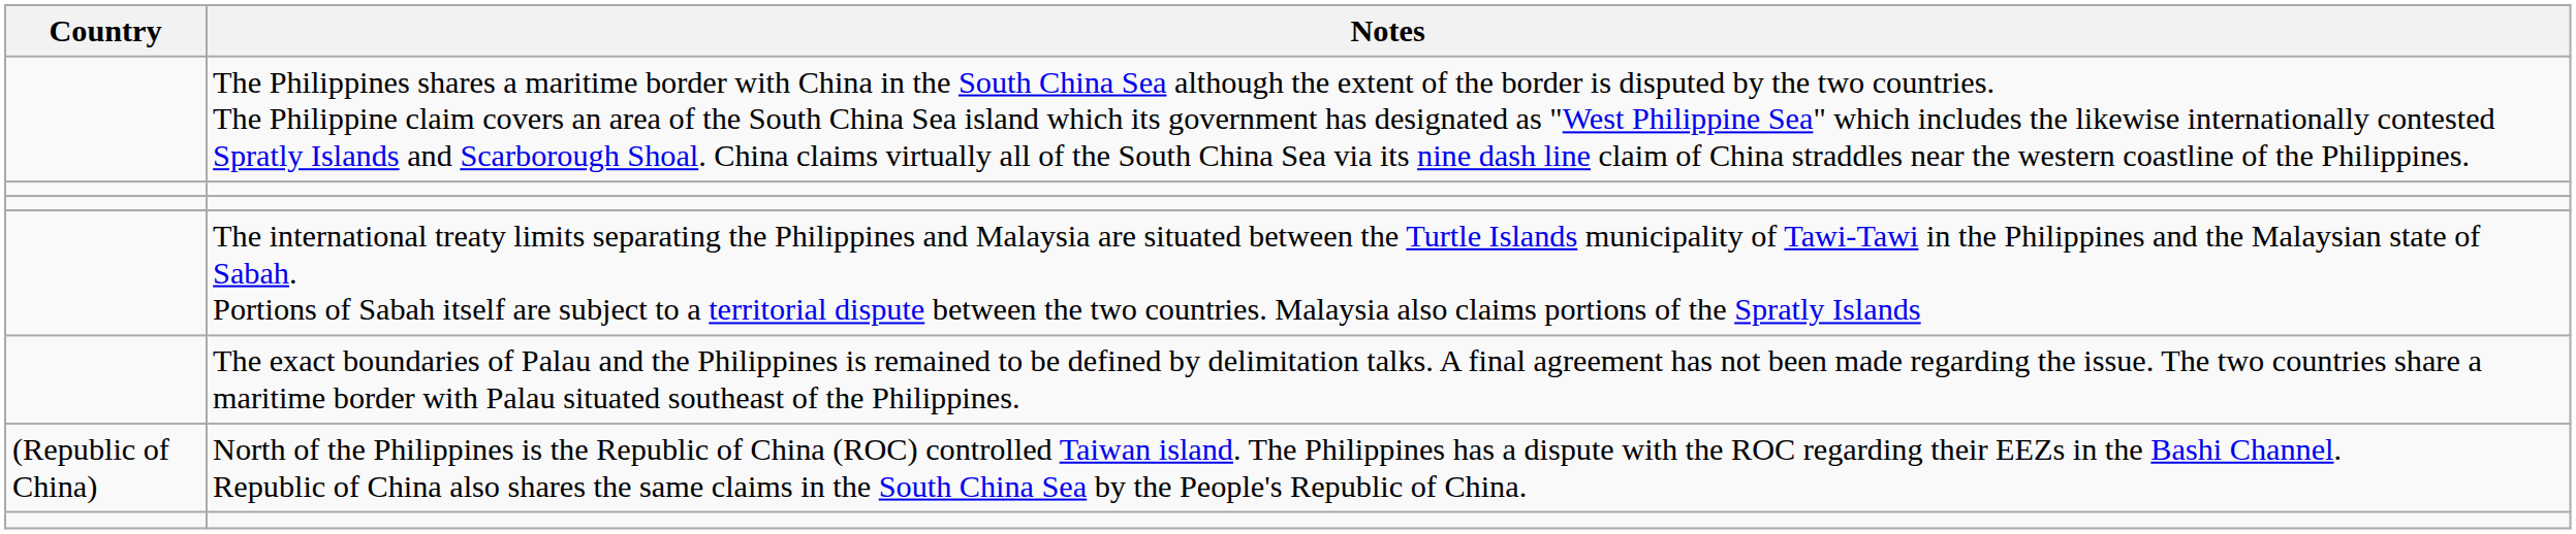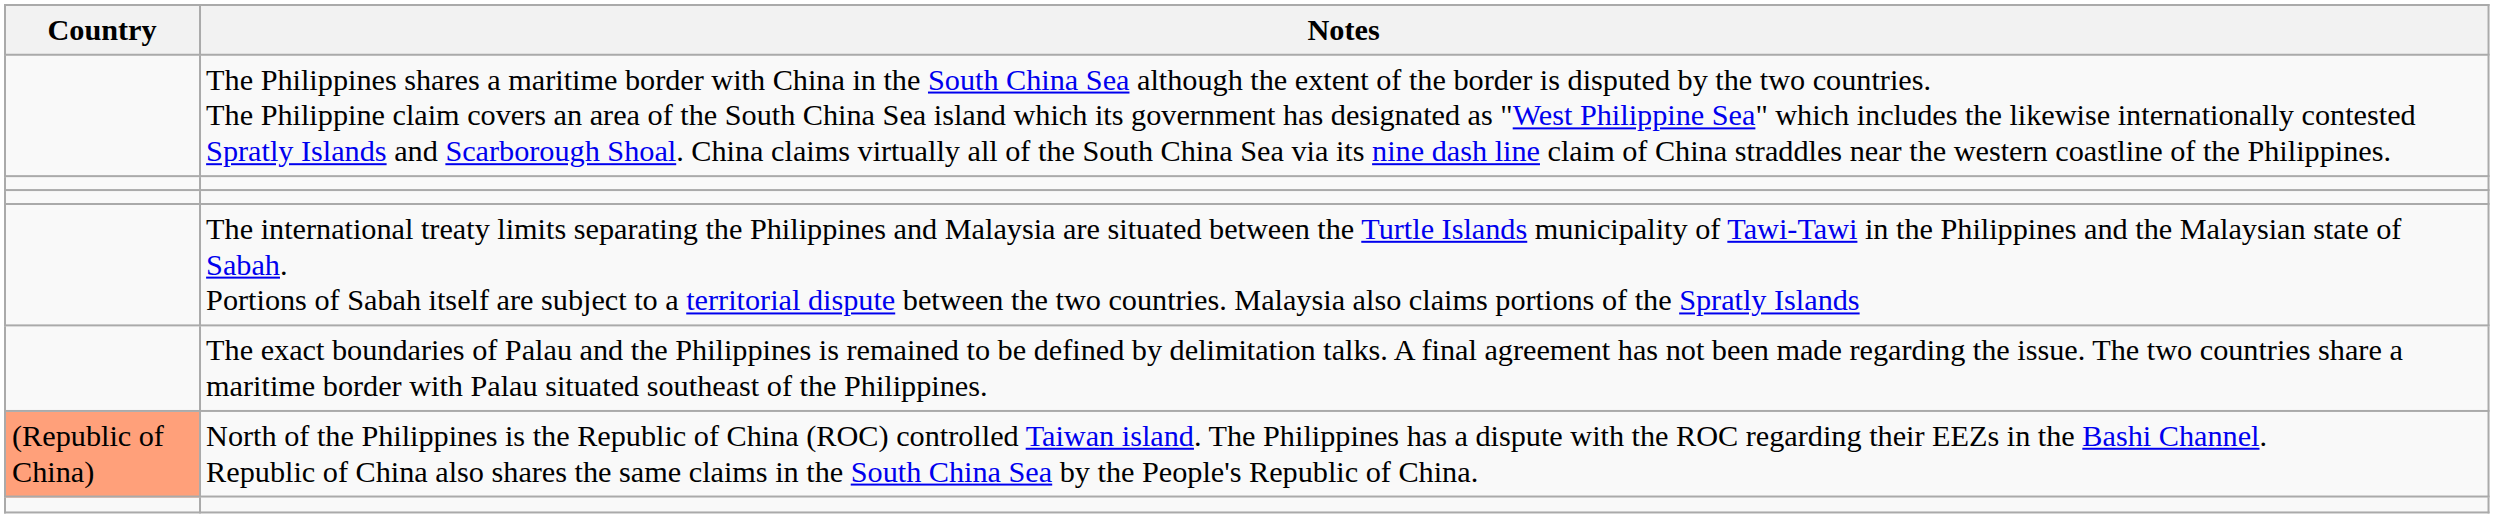 <table class="wikitable" style="text-align: left; font-size:95%;">
 <tr>
 <th>Country</th>
 <th>Notes</th>
 </tr>
 <tr>
 <td></td>
 <td>The Philippines shares a maritime border with China in the <a href='#'>South China Sea</a> although the extent of the border is disputed by the two countries.<br>The Philippine claim covers an area of the South China Sea island which its government has designated as "<a href='#'>West Philippine Sea</a>" which includes the likewise internationally contested <a href='#'>Spratly Islands</a> and <a href='#'>Scarborough Shoal</a>. China claims virtually all of the South China Sea via its <a href='#'>nine dash line</a> claim of China straddles near the western coastline of the Philippines.</td>
 </tr>
 <tr>
 <td></td>
 <td></td>
 </tr>
 <tr>
 <td></td>
 <td></td>
 </tr>
 <tr>
 <td></td>
 <td> The international treaty limits separating the Philippines and Malaysia are situated between the <a href='#'>Turtle Islands</a> municipality of <a href='#'>Tawi-Tawi</a> in the Philippines and the Malaysian state of <a href='#'>Sabah</a>.<br>Portions of Sabah itself are subject to a <a href='#'>territorial dispute</a> between the two countries. Malaysia also claims portions of the <a href='#'>Spratly Islands</a></td>
 </tr>
 <tr>
 <td></td>
 <td>The exact boundaries of Palau and the Philippines is remained to be defined by delimitation talks. A final agreement has not been made regarding the issue. The two countries share a maritime border with Palau situated southeast of the Philippines.</td>
 </tr>
 <tr>
-<td> (Republic of China)</td>
+<td style="background: lightsalmon;"> (Republic of China)</td>
 <td>North of the Philippines is the Republic of China (ROC) controlled <a href='#'>Taiwan island</a>. The Philippines has a dispute with the ROC regarding their EEZs in the <a href='#'>Bashi Channel</a>.<br>Republic of China also shares the same claims in the <a href='#'>South China Sea</a> by the People's Republic of China.</td>
 </tr>
 <tr>
 <td></td>
 <td></td>
 </tr>
 </table>
